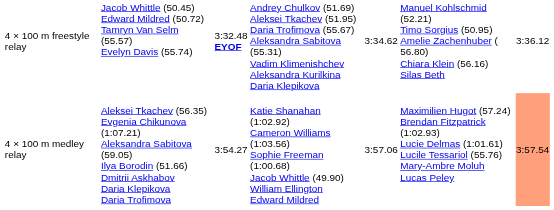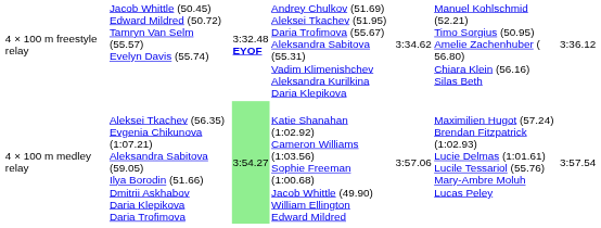 <table>
 <tr>
 <td>4 × 100 m freestyle relay</td>
 <td valign="top"><br><a href='#'>Jacob Whittle</a> (50.45)<br><a href='#'>Edward Mildred</a> (50.72)<br><a href='#'>Tamryn Van Selm</a> (55.57)<br><a href='#'>Evelyn Davis</a> (55.74)</td>
 <td>3:32.48<br><strong><a href='#'>EYOF</a></strong></td>
 <td><br><a href='#'>Andrey Chulkov</a> (51.69)<br><a href='#'>Aleksei Tkachev</a> (51.95)<br><a href='#'>Daria Trofimova</a> (55.67)<br><a href='#'>Aleksandra Sabitova</a> (55.31)<br><a href='#'>Vadim Klimenishchev</a><br><a href='#'>Aleksandra Kurilkina</a><br><a href='#'>Daria Klepikova</a></td>
 <td>3:34.62</td>
 <td valign="top"><br><a href='#'>Manuel Kohlschmid</a> (52.21)<br><a href='#'>Timo Sorgius</a> (50.95)<br><a href='#'>Amelie Zachenhuber</a> ( 56.80)<br><a href='#'>Chiara Klein</a> (56.16)<br><a href='#'>Silas Beth</a></td>
 <td>3:36.12</td>
 </tr>
 <tr>
 <td>4 × 100 m medley relay</td>
 <td><br><a href='#'>Aleksei Tkachev</a> (56.35)<br><a href='#'>Evgenia Chikunova</a> (1:07.21)<br><a href='#'>Aleksandra Sabitova</a> (59.05)<br><a href='#'>Ilya Borodin</a> (51.66)<br><a href='#'>Dmitrii Askhabov</a><br><a href='#'>Daria Klepikova</a><br><a href='#'>Daria Trofimova</a></td>
-<td>3:54.27</td>
+<td style="background: lightgreen;">3:54.27</td>
 <td valign="top"><br><a href='#'>Katie Shanahan</a> (1:02.92)<br><a href='#'>Cameron Williams</a> (1:03.56)<br><a href='#'>Sophie Freeman</a> (1:00.68)<br><a href='#'>Jacob Whittle</a> (49.90)<br><a href='#'>William Ellington</a><br><a href='#'>Edward Mildred</a></td>
 <td>3:57.06</td>
 <td valign="top"><br><a href='#'>Maximilien Hugot</a> (57.24)<br><a href='#'>Brendan Fitzpatrick</a> (1:02.93)<br><a href='#'>Lucie Delmas</a> (1:01.61)<br><a href='#'>Lucile Tessariol</a> (55.76)<br><a href='#'>Mary-Ambre Moluh</a><br><a href='#'>Lucas Peley</a></td>
-<td style="background: lightsalmon;">3:57.54</td>
+<td>3:57.54</td>
 </tr>
 </table>
